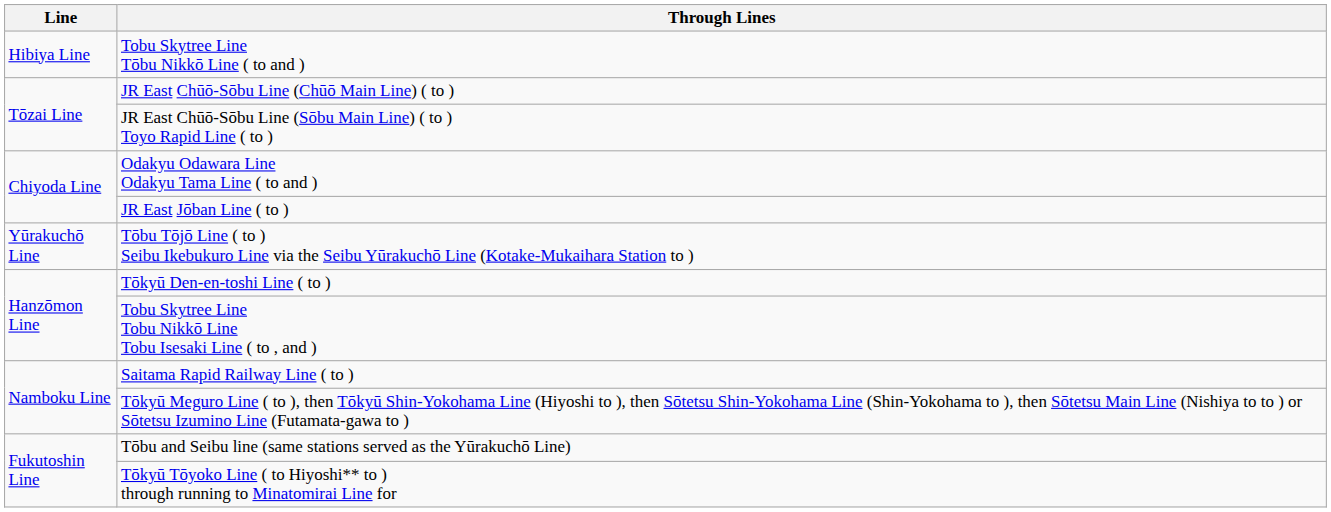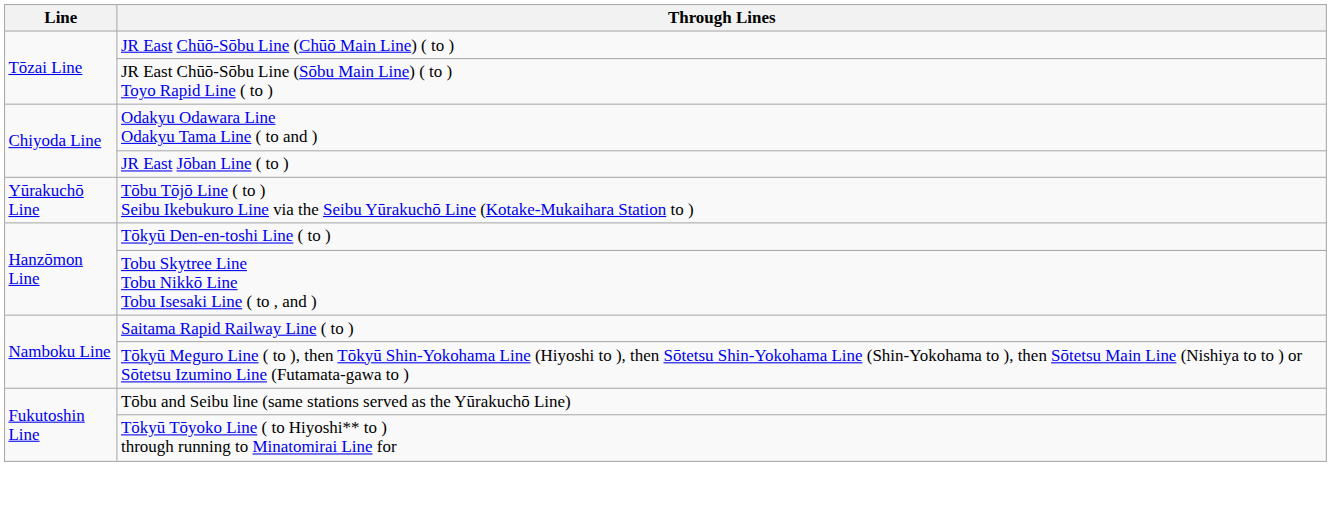 <table class="wikitable">
 <tr>
 <th>Line</th>
 <th>Through Lines</th>
-</tr>
-<tr>
-<td> <a href='#'>Hibiya Line</a></td>
-<td> <a href='#'>Tobu Skytree Line</a><br> <a href='#'>Tōbu Nikkō Line</a> ( to  and )</td>
 </tr>
 <tr>
 <td rowspan="2"> <a href='#'>Tōzai Line</a></td>
 <td> <a href='#'>JR East</a> <a href='#'>Chūō-Sōbu Line</a> (<a href='#'>Chūō Main Line</a>) ( to )</td>
 </tr>
 <tr>
 <td> JR East Chūō-Sōbu Line (<a href='#'>Sōbu Main Line</a>) ( to )<br> <a href='#'>Toyo Rapid Line</a> ( to )</td>
 </tr>
 <tr>
 <td rowspan="2"> <a href='#'>Chiyoda Line</a></td>
 <td> <a href='#'>Odakyu Odawara Line</a><br> <a href='#'>Odakyu Tama Line</a> ( to  and )</td>
 </tr>
 <tr>
 <td> <a href='#'>JR East</a> <a href='#'>Jōban Line</a> ( to )</td>
 </tr>
 <tr>
 <td> <a href='#'>Yūrakuchō Line</a></td>
 <td> <a href='#'>Tōbu Tōjō Line</a> ( to )<br> <a href='#'>Seibu Ikebukuro Line</a> via the   <a href='#'>Seibu Yūrakuchō Line</a> (<a href='#'>Kotake-Mukaihara Station</a> to )</td>
 </tr>
 <tr>
 <td rowspan="2"> <a href='#'>Hanzōmon Line</a></td>
 <td> <a href='#'>Tōkyū Den-en-toshi Line</a> ( to )</td>
 </tr>
 <tr>
 <td> <a href='#'>Tobu Skytree Line</a><br> <a href='#'>Tobu Nikkō Line</a><br> <a href='#'>Tobu Isesaki Line</a> ( to ,  and )</td>
 </tr>
 <tr>
 <td rowspan="2"> <a href='#'>Namboku Line</a></td>
 <td> <a href='#'>Saitama Rapid Railway Line</a> ( to )</td>
 </tr>
 <tr>
 <td> <a href='#'>Tōkyū Meguro Line</a> ( to ), then  <a href='#'>Tōkyū Shin-Yokohama Line</a> (Hiyoshi to ), then  <a href='#'>Sōtetsu Shin-Yokohama Line</a> (Shin-Yokohama to ), then  <a href='#'>Sōtetsu Main Line</a> (Nishiya to  to ) or  <a href='#'>Sōtetsu Izumino Line</a> (Futamata-gawa to )</td>
 </tr>
 <tr>
 <td rowspan="2"> <a href='#'>Fukutoshin Line</a></td>
 <td>Tōbu and Seibu line (same stations served as the Yūrakuchō Line)</td>
 </tr>
 <tr>
 <td> <a href='#'>Tōkyū Tōyoko Line</a> ( to Hiyoshi** to )<br>through running to  <a href='#'>Minatomirai Line</a> for </td>
 </tr>
 </table>
